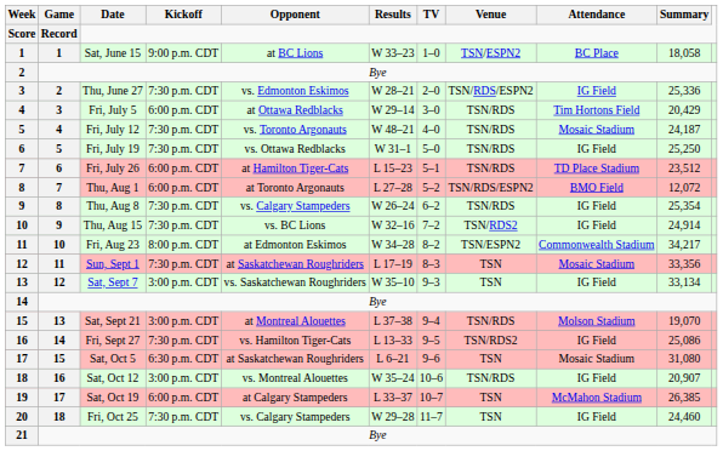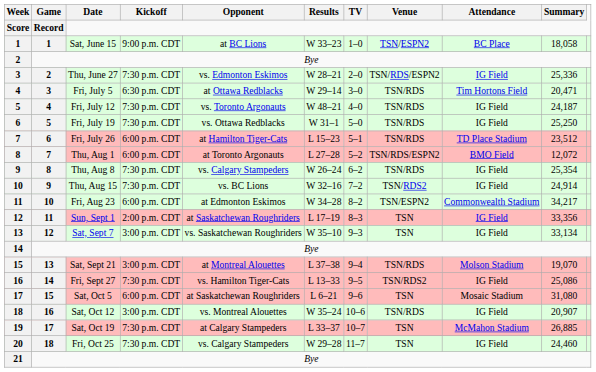 <table class="wikitable" style="font-size: 95%;">
 <tr>
 <th scope="col">Week</th>
 <th scope="col">Game</th>
 <th scope="col">Date</th>
 <th scope="col">Kickoff</th>
 <th scope="col">Opponent</th>
 <th scope="col">Results</th>
 <th scope="col">TV</th>
 <th scope="col">Venue</th>
 <th scope="col">Attendance</th>
 <th scope="col">Summary</th>
 </tr>
 <tr>
 <th scope="col">Score</th>
 <th scope="col">Record</th>
 </tr>
 <tr align="center" bgcolor="ddffdd">
 <th align="center"><strong>1</strong></th>
 <th align="center"><strong>1</strong></th>
 <td align="center">Sat, June 15</td>
 <td align="center">9:00 p.m. CDT</td>
 <td align="center">at <a href='#'>BC Lions</a></td>
 <td align="center">W 33–23</td>
 <td align="center">1–0</td>
 <td align="center"><a href='#'>TSN</a>/<a href='#'>ESPN2</a></td>
 <td align="center"><a href='#'>BC Place</a></td>
 <td align="center">18,058</td>
 <td align="center"></td>
 </tr>
 <tr style= bgcolor="ffffff">
 <th align="center"><strong>2</strong></th>
 <td colspan=10 align="center" valign="middle"><em>Bye</em></td>
 </tr>
 <tr align="center" bgcolor="ddffdd">
 <th align="center"><strong>3</strong></th>
 <th align="center"><strong>2</strong></th>
 <td align="center">Thu, June 27</td>
 <td align="center">7:30 p.m. CDT</td>
 <td align="center">vs. <a href='#'>Edmonton Eskimos</a></td>
 <td align="center">W 28–21</td>
 <td align="center">2–0</td>
 <td align="center">TSN/<a href='#'>RDS</a>/ESPN2</td>
 <td align="center"><a href='#'>IG Field</a></td>
 <td align="center">25,336</td>
 <td align="center"></td>
 </tr>
 <tr align="center" bgcolor="ddffdd">
 <th align="center"><strong>4</strong></th>
 <th align="center"><strong>3</strong></th>
 <td align="center">Fri, July 5</td>
-<td align="center">6:00 p.m. CDT</td>
+<td align="center">6:30 p.m. CDT</td>
 <td align="center">at <a href='#'>Ottawa Redblacks</a></td>
 <td align="center">W 29–14</td>
 <td align="center">3–0</td>
 <td align="center">TSN/RDS</td>
 <td align="center"><a href='#'>Tim Hortons Field</a></td>
-<td align="center">20,429</td>
+<td align="center">20,471</td>
 <td align="center"></td>
 </tr>
 <tr align="center" bgcolor="ddffdd">
 <th align="center"><strong>5</strong></th>
 <th align="center"><strong>4</strong></th>
 <td align="center">Fri, July 12</td>
 <td align="center">7:30 p.m. CDT</td>
 <td align="center">vs. <a href='#'>Toronto Argonauts</a></td>
 <td align="center">W 48–21</td>
 <td align="center">4–0</td>
 <td align="center">TSN/RDS</td>
-<td align="center"><a href='#'>Mosaic Stadium</a></td>
+<td align="center">IG Field</td>
 <td align="center">24,187</td>
 <td align="center"></td>
 </tr>
 <tr align="center" bgcolor="ddffdd">
 <th align="center"><strong>6</strong></th>
 <th align="center"><strong>5</strong></th>
 <td align="center">Fri, July 19</td>
 <td align="center">7:30 p.m. CDT</td>
 <td align="center">vs. Ottawa Redblacks</td>
 <td align="center">W 31–1</td>
 <td align="center">5–0</td>
 <td align="center">TSN/RDS</td>
 <td align="center">IG Field</td>
 <td align="center">25,250</td>
 <td align="center"></td>
 </tr>
 <tr align="center" bgcolor="ffbbbb">
 <th align="center"><strong>7</strong></th>
 <th align="center"><strong>6</strong></th>
 <td align="center">Fri, July 26</td>
 <td align="center">6:00 p.m. CDT</td>
 <td align="center">at <a href='#'>Hamilton Tiger-Cats</a></td>
 <td align="center">L 15–23</td>
 <td align="center">5–1</td>
 <td align="center">TSN/RDS</td>
 <td align="center"><a href='#'>TD Place Stadium</a></td>
 <td align="center">23,512</td>
 <td align="center"></td>
 </tr>
 <tr align="center" bgcolor="ffbbbb">
 <th align="center"><strong>8</strong></th>
 <th align="center"><strong>7</strong></th>
 <td align="center">Thu, Aug 1</td>
 <td align="center">6:00 p.m. CDT</td>
 <td align="center">at Toronto Argonauts</td>
 <td align="center">L 27–28</td>
 <td align="center">5–2</td>
 <td align="center">TSN/RDS/ESPN2</td>
 <td align="center"><a href='#'>BMO Field</a></td>
 <td align="center">12,072</td>
 <td align="center"></td>
 </tr>
 <tr align="center" bgcolor="ddffdd">
 <th align="center"><strong>9</strong></th>
 <th align="center"><strong>8</strong></th>
 <td align="center">Thu, Aug 8</td>
 <td align="center">7:30 p.m. CDT</td>
 <td align="center">vs. <a href='#'>Calgary Stampeders</a></td>
 <td align="center">W 26–24</td>
 <td align="center">6–2</td>
 <td align="center">TSN/RDS</td>
 <td align="center">IG Field</td>
 <td align="center">25,354</td>
 <td align="center"></td>
 </tr>
 <tr align="center" bgcolor="ddffdd">
 <th align="center"><strong>10</strong></th>
 <th align="center"><strong>9</strong></th>
 <td align="center">Thu, Aug 15</td>
 <td align="center">7:30 p.m. CDT</td>
 <td align="center">vs. BC Lions</td>
 <td align="center">W 32–16</td>
 <td align="center">7–2</td>
 <td align="center">TSN/<a href='#'>RDS2</a></td>
 <td align="center">IG Field</td>
 <td align="center">24,914</td>
 <td align="center"></td>
 </tr>
 <tr align="center" bgcolor="ddffdd">
 <th align="center"><strong>11</strong></th>
 <th align="center"><strong>10</strong></th>
 <td align="center">Fri, Aug 23</td>
-<td align="center">8:00 p.m. CDT</td>
+<td align="center">6:00 p.m. CDT</td>
 <td align="center">at Edmonton Eskimos</td>
 <td align="center">W 34–28</td>
 <td align="center">8–2</td>
 <td align="center">TSN/ESPN2</td>
 <td align="center"><a href='#'>Commonwealth Stadium</a></td>
 <td align="center">34,217</td>
 <td align="center"></td>
 </tr>
 <tr align="center" bgcolor="ffbbbb">
 <th align="center"><strong>12</strong></th>
 <th align="center"><strong>11</strong></th>
 <td align="center"><a href='#'>Sun, Sept 1</a></td>
-<td align="center">7:30 p.m. CDT</td>
+<td align="center">2:00 p.m. CDT</td>
 <td align="center">at <a href='#'>Saskatchewan Roughriders</a></td>
 <td align="center">L 17–19</td>
 <td align="center">8–3</td>
 <td align="center">TSN</td>
-<td align="center"><a href='#'>Mosaic Stadium</a></td>
+<td align="center"><a href='#'>IG Field</a></td>
 <td align="center">33,356</td>
 <td align="center"></td>
 </tr>
 <tr align="center" bgcolor="ddffdd">
 <th align="center"><strong>13</strong></th>
 <th align="center"><strong>12</strong></th>
 <td align="center"><a href='#'>Sat, Sept 7</a></td>
 <td align="center">3:00 p.m. CDT</td>
 <td align="center">vs. Saskatchewan Roughriders</td>
 <td align="center">W 35–10</td>
 <td align="center">9–3</td>
 <td align="center">TSN</td>
 <td align="center">IG Field</td>
 <td align="center">33,134</td>
 <td align="center"></td>
 </tr>
 <tr style= bgcolor="ffffff">
 <th align="center"><strong>14</strong></th>
 <td colspan=10 align="center" valign="middle"><em>Bye</em></td>
 </tr>
 <tr align="center" bgcolor="ffbbbb">
 <th align="center"><strong>15</strong></th>
 <th align="center"><strong>13</strong></th>
 <td align="center">Sat, Sept 21</td>
 <td align="center">3:00 p.m. CDT</td>
 <td align="center">at <a href='#'>Montreal Alouettes</a></td>
 <td align="center">L 37–38</td>
 <td align="center">9–4</td>
 <td align="center">TSN/RDS</td>
 <td align="center"><a href='#'>Molson Stadium</a></td>
 <td align="center">19,070</td>
 <td align="center"></td>
 </tr>
 <tr align="center" bgcolor="ffbbbb">
 <th align="center"><strong>16</strong></th>
 <th align="center"><strong>14</strong></th>
 <td align="center">Fri, Sept 27</td>
 <td align="center">7:30 p.m. CDT</td>
 <td align="center">vs. Hamilton Tiger-Cats</td>
 <td align="center">L 13–33</td>
 <td align="center">9–5</td>
 <td align="center">TSN/RDS2</td>
 <td align="center">IG Field</td>
 <td align="center">25,086</td>
 <td align="center"></td>
 </tr>
 <tr align="center" bgcolor="ffbbbb">
 <th align="center"><strong>17</strong></th>
 <th align="center"><strong>15</strong></th>
 <td align="center">Sat, Oct 5</td>
-<td align="center">6:30 p.m. CDT</td>
+<td align="center">6:00 p.m. CDT</td>
 <td align="center">at Saskatchewan Roughriders</td>
 <td align="center">L 6–21</td>
 <td align="center">9–6</td>
 <td align="center">TSN</td>
 <td align="center">Mosaic Stadium</td>
 <td align="center">31,080</td>
 <td align="center"></td>
 </tr>
 <tr align="center" bgcolor="ddffdd">
 <th align="center"><strong>18</strong></th>
 <th align="center"><strong>16</strong></th>
 <td align="center">Sat, Oct 12</td>
 <td align="center">3:00 p.m. CDT</td>
 <td align="center">vs. Montreal Alouettes</td>
 <td align="center">W 35–24</td>
 <td align="center">10–6</td>
 <td align="center">TSN/RDS</td>
 <td align="center">IG Field</td>
 <td align="center">20,907</td>
 <td align="center"></td>
 </tr>
 <tr align="center" bgcolor="ffbbbb">
 <th align="center"><strong>19</strong></th>
 <th align="center"><strong>17</strong></th>
 <td align="center">Sat, Oct 19</td>
-<td align="center">6:00 p.m. CDT</td>
+<td align="center">7:30 p.m. CDT</td>
 <td align="center">at Calgary Stampeders</td>
 <td align="center">L 33–37</td>
 <td align="center">10–7</td>
 <td align="center">TSN</td>
 <td align="center"><a href='#'>McMahon Stadium</a></td>
-<td align="center">26,385</td>
+<td align="center">26,885</td>
 <td align="center"></td>
 </tr>
 <tr align="center" bgcolor="ddffdd">
 <th align="center"><strong>20</strong></th>
 <th align="center"><strong>18</strong></th>
 <td align="center">Fri, Oct 25</td>
 <td align="center">7:30 p.m. CDT</td>
 <td align="center">vs. Calgary Stampeders</td>
 <td align="center">W 29–28</td>
 <td align="center">11–7</td>
 <td align="center">TSN</td>
 <td align="center">IG Field</td>
 <td align="center">24,460</td>
 <td align="center"></td>
 </tr>
 <tr style= bgcolor="ffffff">
 <th align="center"><strong>21</strong></th>
 <td colspan=10 align="center" valign="middle"><em>Bye</em></td>
 </tr>
 </table>
